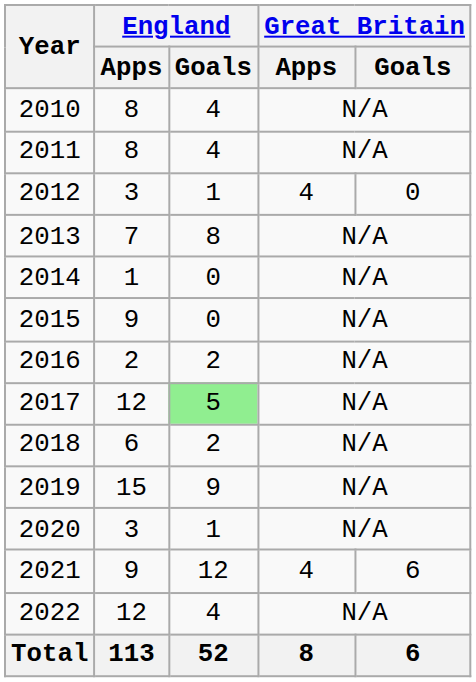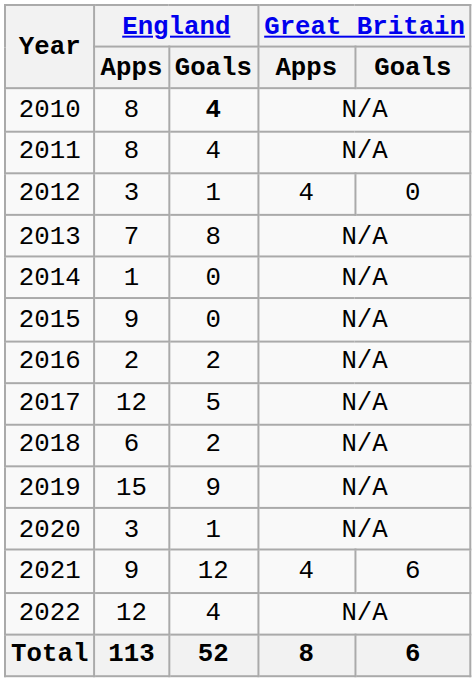 <table class="wikitable" style="text-align:center">
 <tr>
 <th rowspan=2>Year</th>
 <th colspan=2><a href='#'>England</a></th>
 <th colspan=2><a href='#'>Great Britain</a></th>
 </tr>
 <tr>
 <th>Apps</th>
 <th>Goals</th>
 <th>Apps</th>
 <th>Goals</th>
 </tr>
 <tr>
 <td>2010</td>
 <td>8</td>
-<td>4</td>
+<td><strong>4</strong></td>
 <td colspan="2">N/A</td>
 </tr>
 <tr>
 <td>2011</td>
 <td>8</td>
 <td>4</td>
 <td colspan="2">N/A</td>
 </tr>
 <tr>
 <td>2012</td>
 <td>3</td>
 <td>1</td>
 <td>4</td>
 <td>0</td>
 </tr>
 <tr>
 <td>2013</td>
 <td>7</td>
 <td>8</td>
 <td colspan="2">N/A</td>
 </tr>
 <tr>
 <td>2014</td>
 <td>1</td>
 <td>0</td>
 <td colspan="2">N/A</td>
 </tr>
 <tr>
 <td>2015</td>
 <td>9</td>
 <td>0</td>
 <td colspan="2">N/A</td>
 </tr>
 <tr>
 <td>2016</td>
 <td>2</td>
 <td>2</td>
 <td colspan="2">N/A</td>
 </tr>
 <tr>
 <td>2017</td>
 <td>12</td>
-<td style="background: lightgreen;">5</td>
+<td>5</td>
 <td colspan="2">N/A</td>
 </tr>
 <tr>
 <td>2018</td>
 <td>6</td>
 <td>2</td>
 <td colspan="2">N/A</td>
 </tr>
 <tr>
 <td>2019</td>
 <td>15</td>
 <td>9</td>
 <td colspan="2">N/A</td>
 </tr>
 <tr>
 <td>2020</td>
 <td>3</td>
 <td>1</td>
 <td colspan="2">N/A</td>
 </tr>
 <tr>
 <td>2021</td>
 <td>9</td>
 <td>12</td>
 <td>4</td>
 <td>6</td>
 </tr>
 <tr>
 <td>2022</td>
 <td>12</td>
 <td>4</td>
 <td colspan="2">N/A</td>
 </tr>
 <tr>
 <th>Total</th>
 <th>113</th>
 <th>52</th>
 <th>8</th>
 <th>6</th>
 </tr>
 </table>
